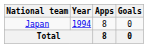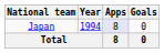 <table class="wikitable" style="text-align:center">
 <tr>
 <th>National team</th>
 <th>Year</th>
 <th>Apps</th>
 <th>Goals</th>
 </tr>
 <tr>
 <td><a href='#'>Japan</a></td>
 <td><a href='#'>1994</a></td>
-<td>8</td>
+<td style="background: lavender;">8</td>
 <td>0</td>
 </tr>
 <tr>
 <th colspan="2">Total</th>
 <th>8</th>
 <th>0</th>
 </tr>
 </table>
